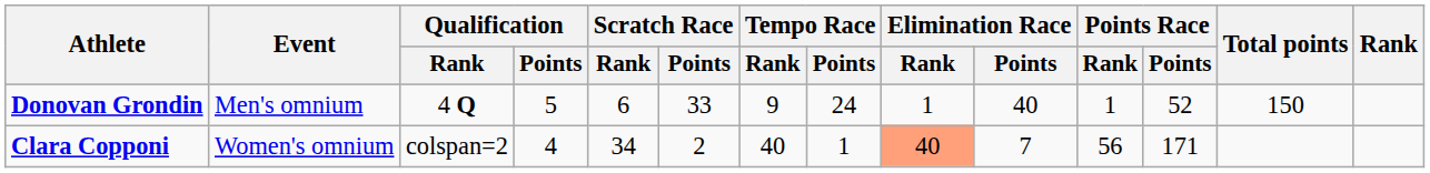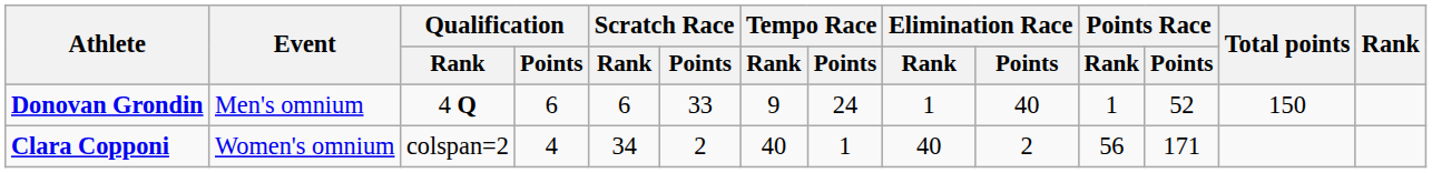 <table class="wikitable" style="font-size:90%">
 <tr>
 <th rowspan="2">Athlete</th>
 <th rowspan="2">Event</th>
 <th colspan=2>Qualification</th>
 <th colspan=2>Scratch Race</th>
 <th colspan=2>Tempo Race</th>
 <th colspan=2>Elimination Race</th>
 <th colspan=2>Points Race</th>
 <th rowspan=2>Total points</th>
 <th rowspan=2>Rank</th>
 </tr>
 <tr style="font-size:95%">
 <th>Rank</th>
 <th>Points</th>
 <th>Rank</th>
 <th>Points</th>
 <th>Rank</th>
 <th>Points</th>
 <th>Rank</th>
 <th>Points</th>
 <th>Rank</th>
 <th>Points</th>
 </tr>
 <tr align=center>
 <td align=left><strong><a href='#'>Donovan Grondin</a></strong></td>
 <td align=left><a href='#'>Men's omnium</a></td>
 <td>4 <strong>Q</strong></td>
-<td>5</td>
+<td>6</td>
 <td>6</td>
 <td>33</td>
 <td>9</td>
 <td>24</td>
 <td>1</td>
 <td>40</td>
 <td>1</td>
 <td>52</td>
 <td>150</td>
 <td></td>
 </tr>
 <tr align=center>
 <td align=left><strong><a href='#'>Clara Copponi</a></strong></td>
 <td align=left><a href='#'>Women's omnium</a></td>
 <td>colspan=2</td>
 <td>4</td>
 <td>34</td>
 <td>2</td>
 <td>40</td>
 <td>1</td>
-<td style="background: lightsalmon;">40</td>
-<td>7</td>
+<td>40</td>
+<td>2</td>
 <td>56</td>
 <td>171</td>
 <td></td>
 </tr>
 </table>
